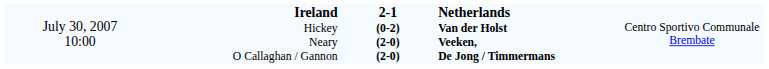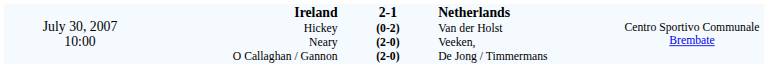 <table style="width: 100%; background:#F5FAFF;" cellspacing="0">
 <tr>
 <td align=center rowspan=3 width=20%>July 30, 2007<br>10:00</td>
 </tr>
 <tr>
 <td width=24% align=right><strong>Ireland</strong></td>
 <td align=center width=13%><strong>2-1</strong></td>
 <td width=24%><strong>Netherlands</strong></td>
 <td style=font-size:85% rowspan=3 valign=middle align=center>Centro Sportivo Communale<br><a href='#'>Brembate</a></td>
 </tr>
 <tr style=font-size:85%>
 <td align=right valign=top>Hickey<br>Neary<br>O Callaghan / Gannon</td>
 <td align=center><strong>(0-2)<br>(2-0)<br>(2-0)</strong></td>
-<td><strong>Van der Holst<br>Veeken,<br>De Jong / Timmermans</strong></td>
+<td>Van der Holst<br>Veeken,<br>De Jong / Timmermans</td>
 </tr>
 </table>
